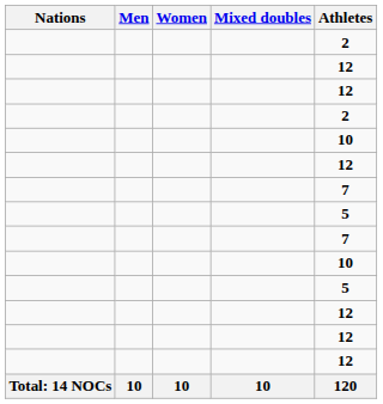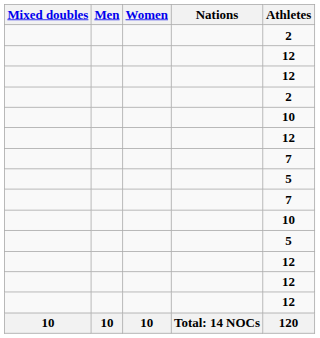 <table class="wikitable sortable" style="text-align:center">
 <tr>
-<th>Nations</th>
+<th><a href='#'>Mixed doubles</a></th>
 <th><a href='#'>Men</a></th>
 <th><a href='#'>Women</a></th>
-<th><a href='#'>Mixed doubles</a></th>
+<th>Nations</th>
 <th>Athletes</th>
 </tr>
 <tr>
-<td align="left"></td>
 <td></td>
 <td></td>
 <td></td>
+<td align="left"></td>
 <td><strong>2</strong></td>
 </tr>
 <tr>
-<td align="left"></td>
 <td></td>
 <td></td>
 <td></td>
+<td align="left"></td>
 <td><strong>12</strong></td>
 </tr>
 <tr>
-<td align="left"></td>
 <td></td>
 <td></td>
 <td></td>
+<td align="left"></td>
 <td><strong>12</strong></td>
 </tr>
 <tr>
-<td align="left"></td>
 <td></td>
 <td></td>
 <td></td>
+<td align="left"></td>
 <td><strong>2</strong></td>
 </tr>
 <tr>
-<td align="left"></td>
 <td></td>
 <td></td>
 <td></td>
+<td align="left"></td>
 <td><strong>10</strong></td>
 </tr>
 <tr>
-<td align="left"></td>
 <td></td>
 <td></td>
 <td></td>
+<td align="left"></td>
 <td><strong>12</strong></td>
 </tr>
 <tr>
-<td align="left"></td>
 <td></td>
 <td></td>
 <td></td>
+<td align="left"></td>
 <td><strong>7</strong></td>
 </tr>
 <tr>
-<td align="left"></td>
 <td></td>
 <td></td>
 <td></td>
+<td align="left"></td>
 <td><strong>5</strong></td>
 </tr>
 <tr>
-<td align="left"></td>
 <td></td>
 <td></td>
 <td></td>
+<td align="left"></td>
 <td><strong>7</strong></td>
 </tr>
 <tr>
-<td align="left"></td>
 <td></td>
 <td></td>
 <td></td>
+<td align="left"></td>
 <td><strong>10</strong></td>
 </tr>
 <tr>
-<td align="left"></td>
 <td></td>
 <td></td>
 <td></td>
+<td align="left"></td>
 <td><strong>5</strong></td>
 </tr>
 <tr>
-<td align="left"></td>
 <td></td>
 <td></td>
 <td></td>
+<td align="left"></td>
 <td><strong>12</strong></td>
 </tr>
 <tr>
-<td align="left"></td>
 <td></td>
 <td></td>
 <td></td>
+<td align="left"></td>
 <td><strong>12</strong></td>
 </tr>
 <tr>
-<td align="left"></td>
 <td></td>
 <td></td>
 <td></td>
+<td align="left"></td>
 <td><strong>12</strong></td>
 </tr>
 <tr>
-<th>Total: 14 NOCs</th>
 <th>10</th>
 <th>10</th>
 <th>10</th>
+<th>Total: 14 NOCs</th>
 <th>120</th>
 </tr>
 </table>
